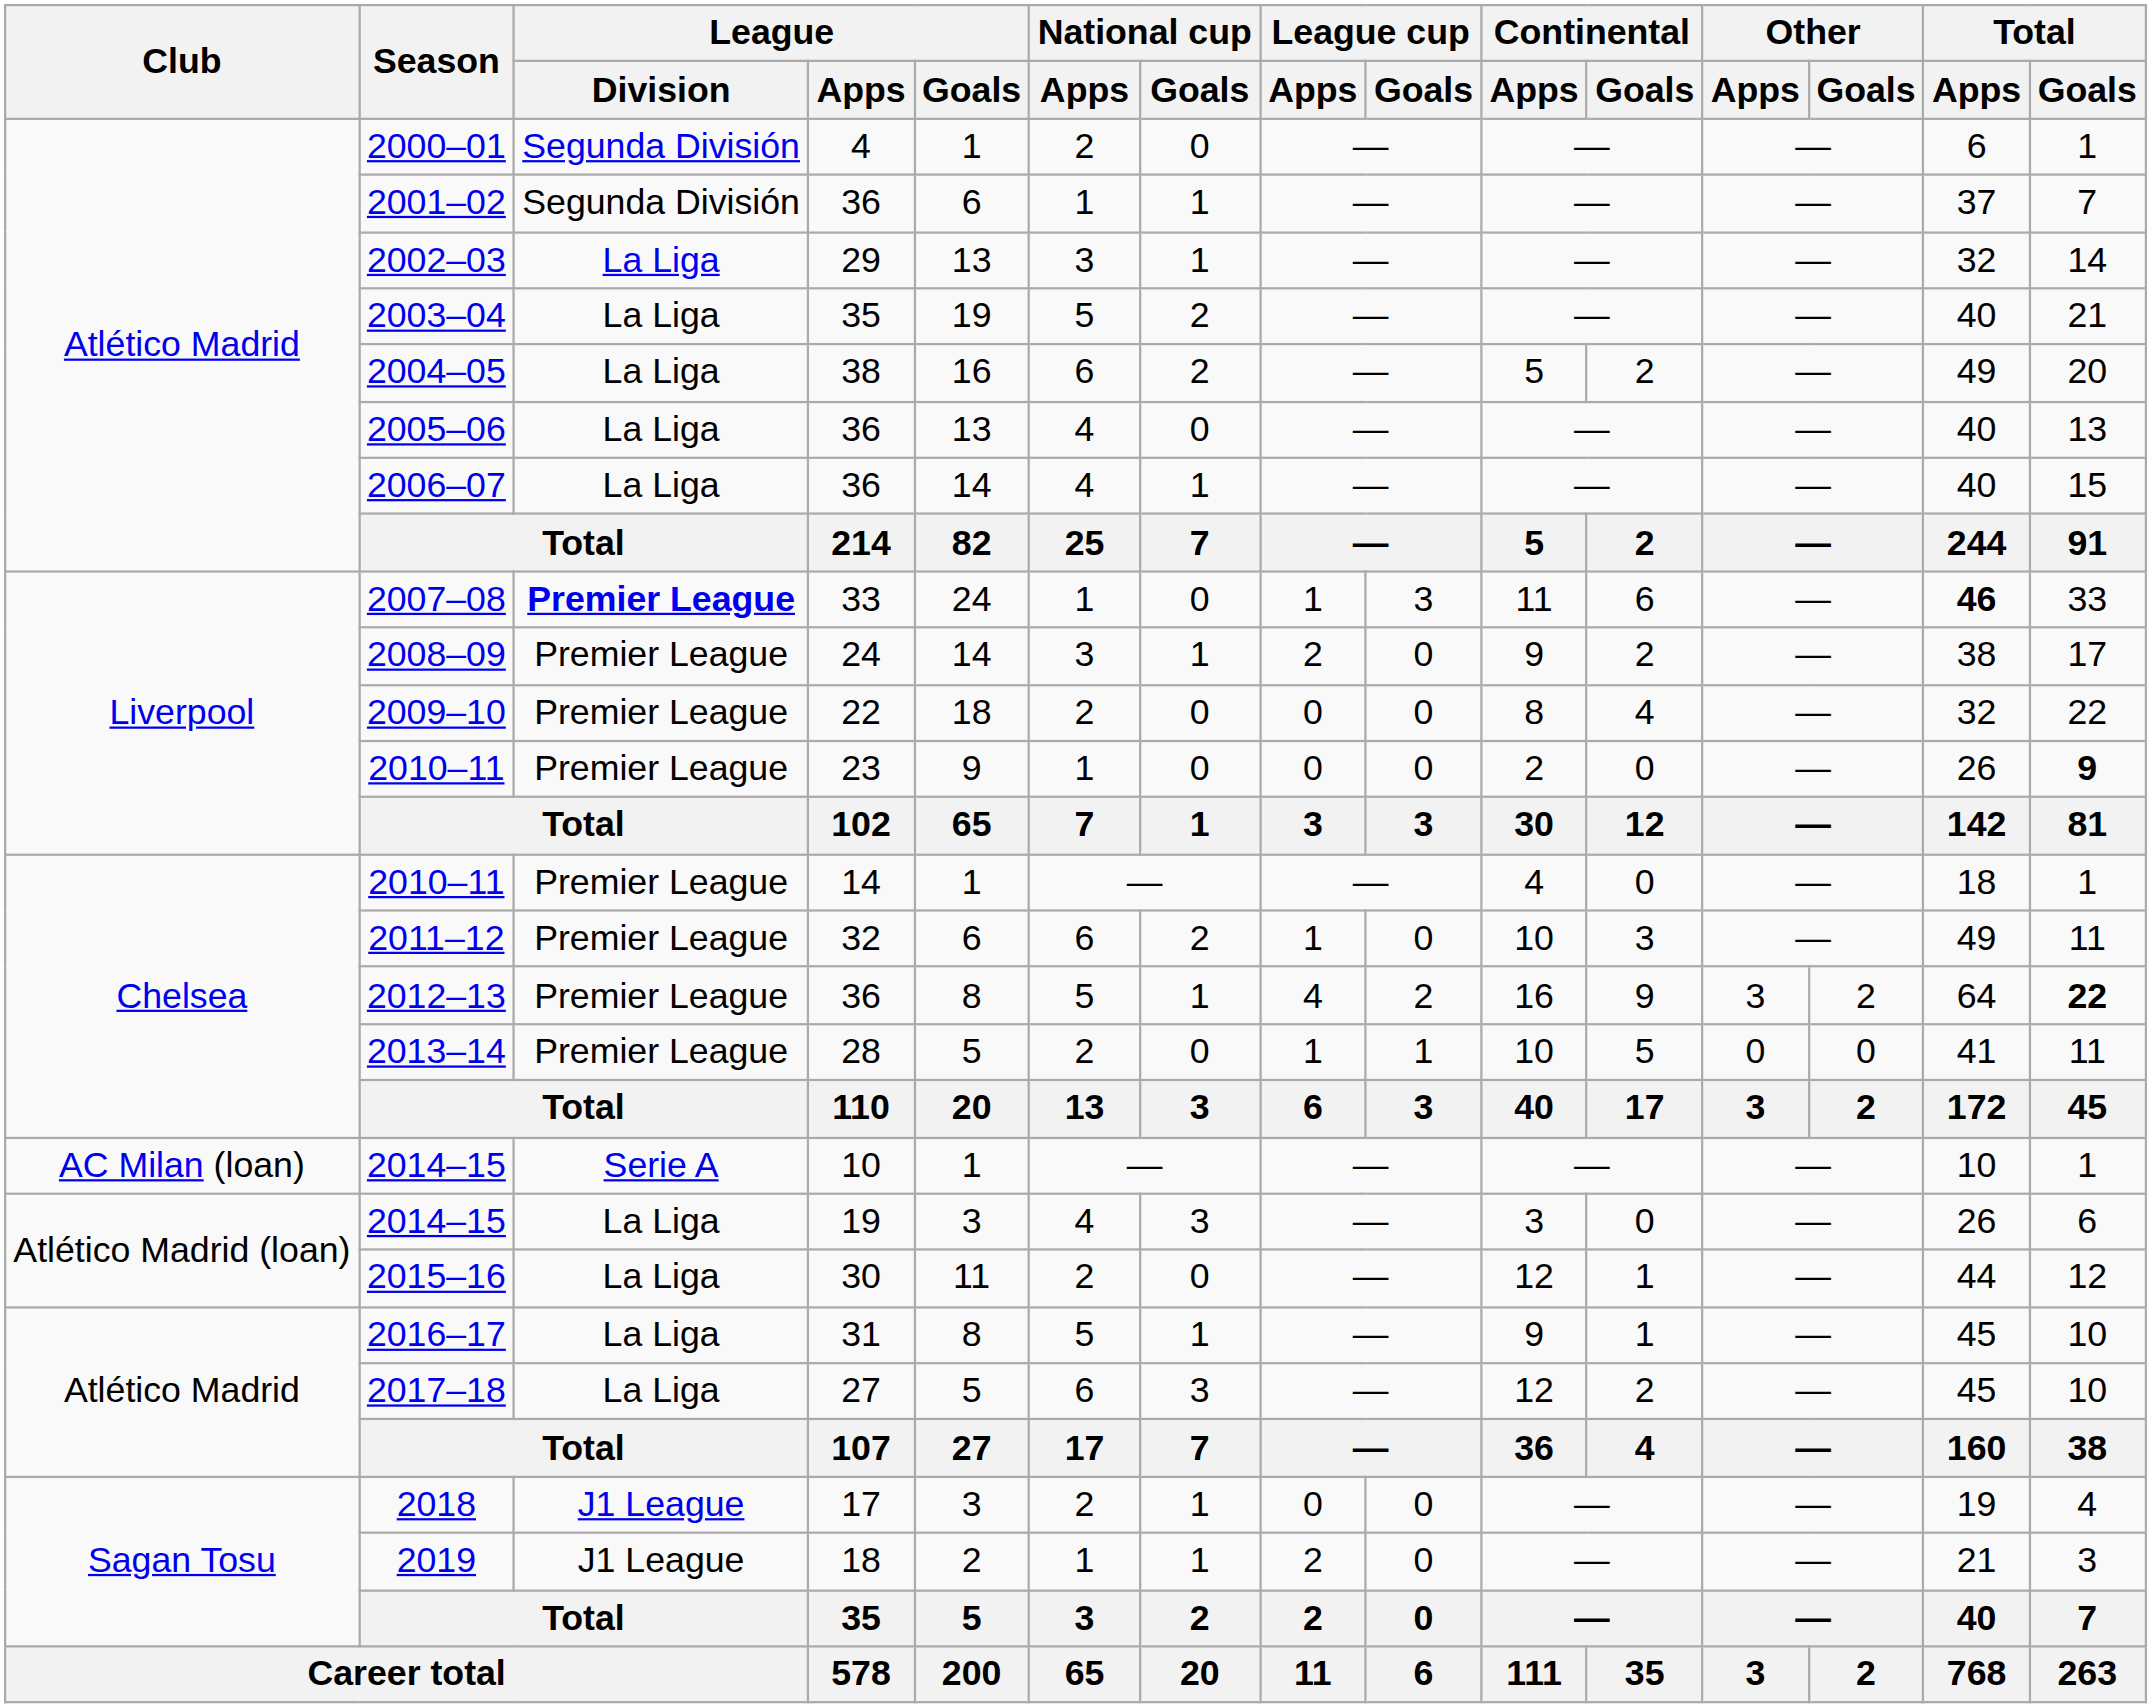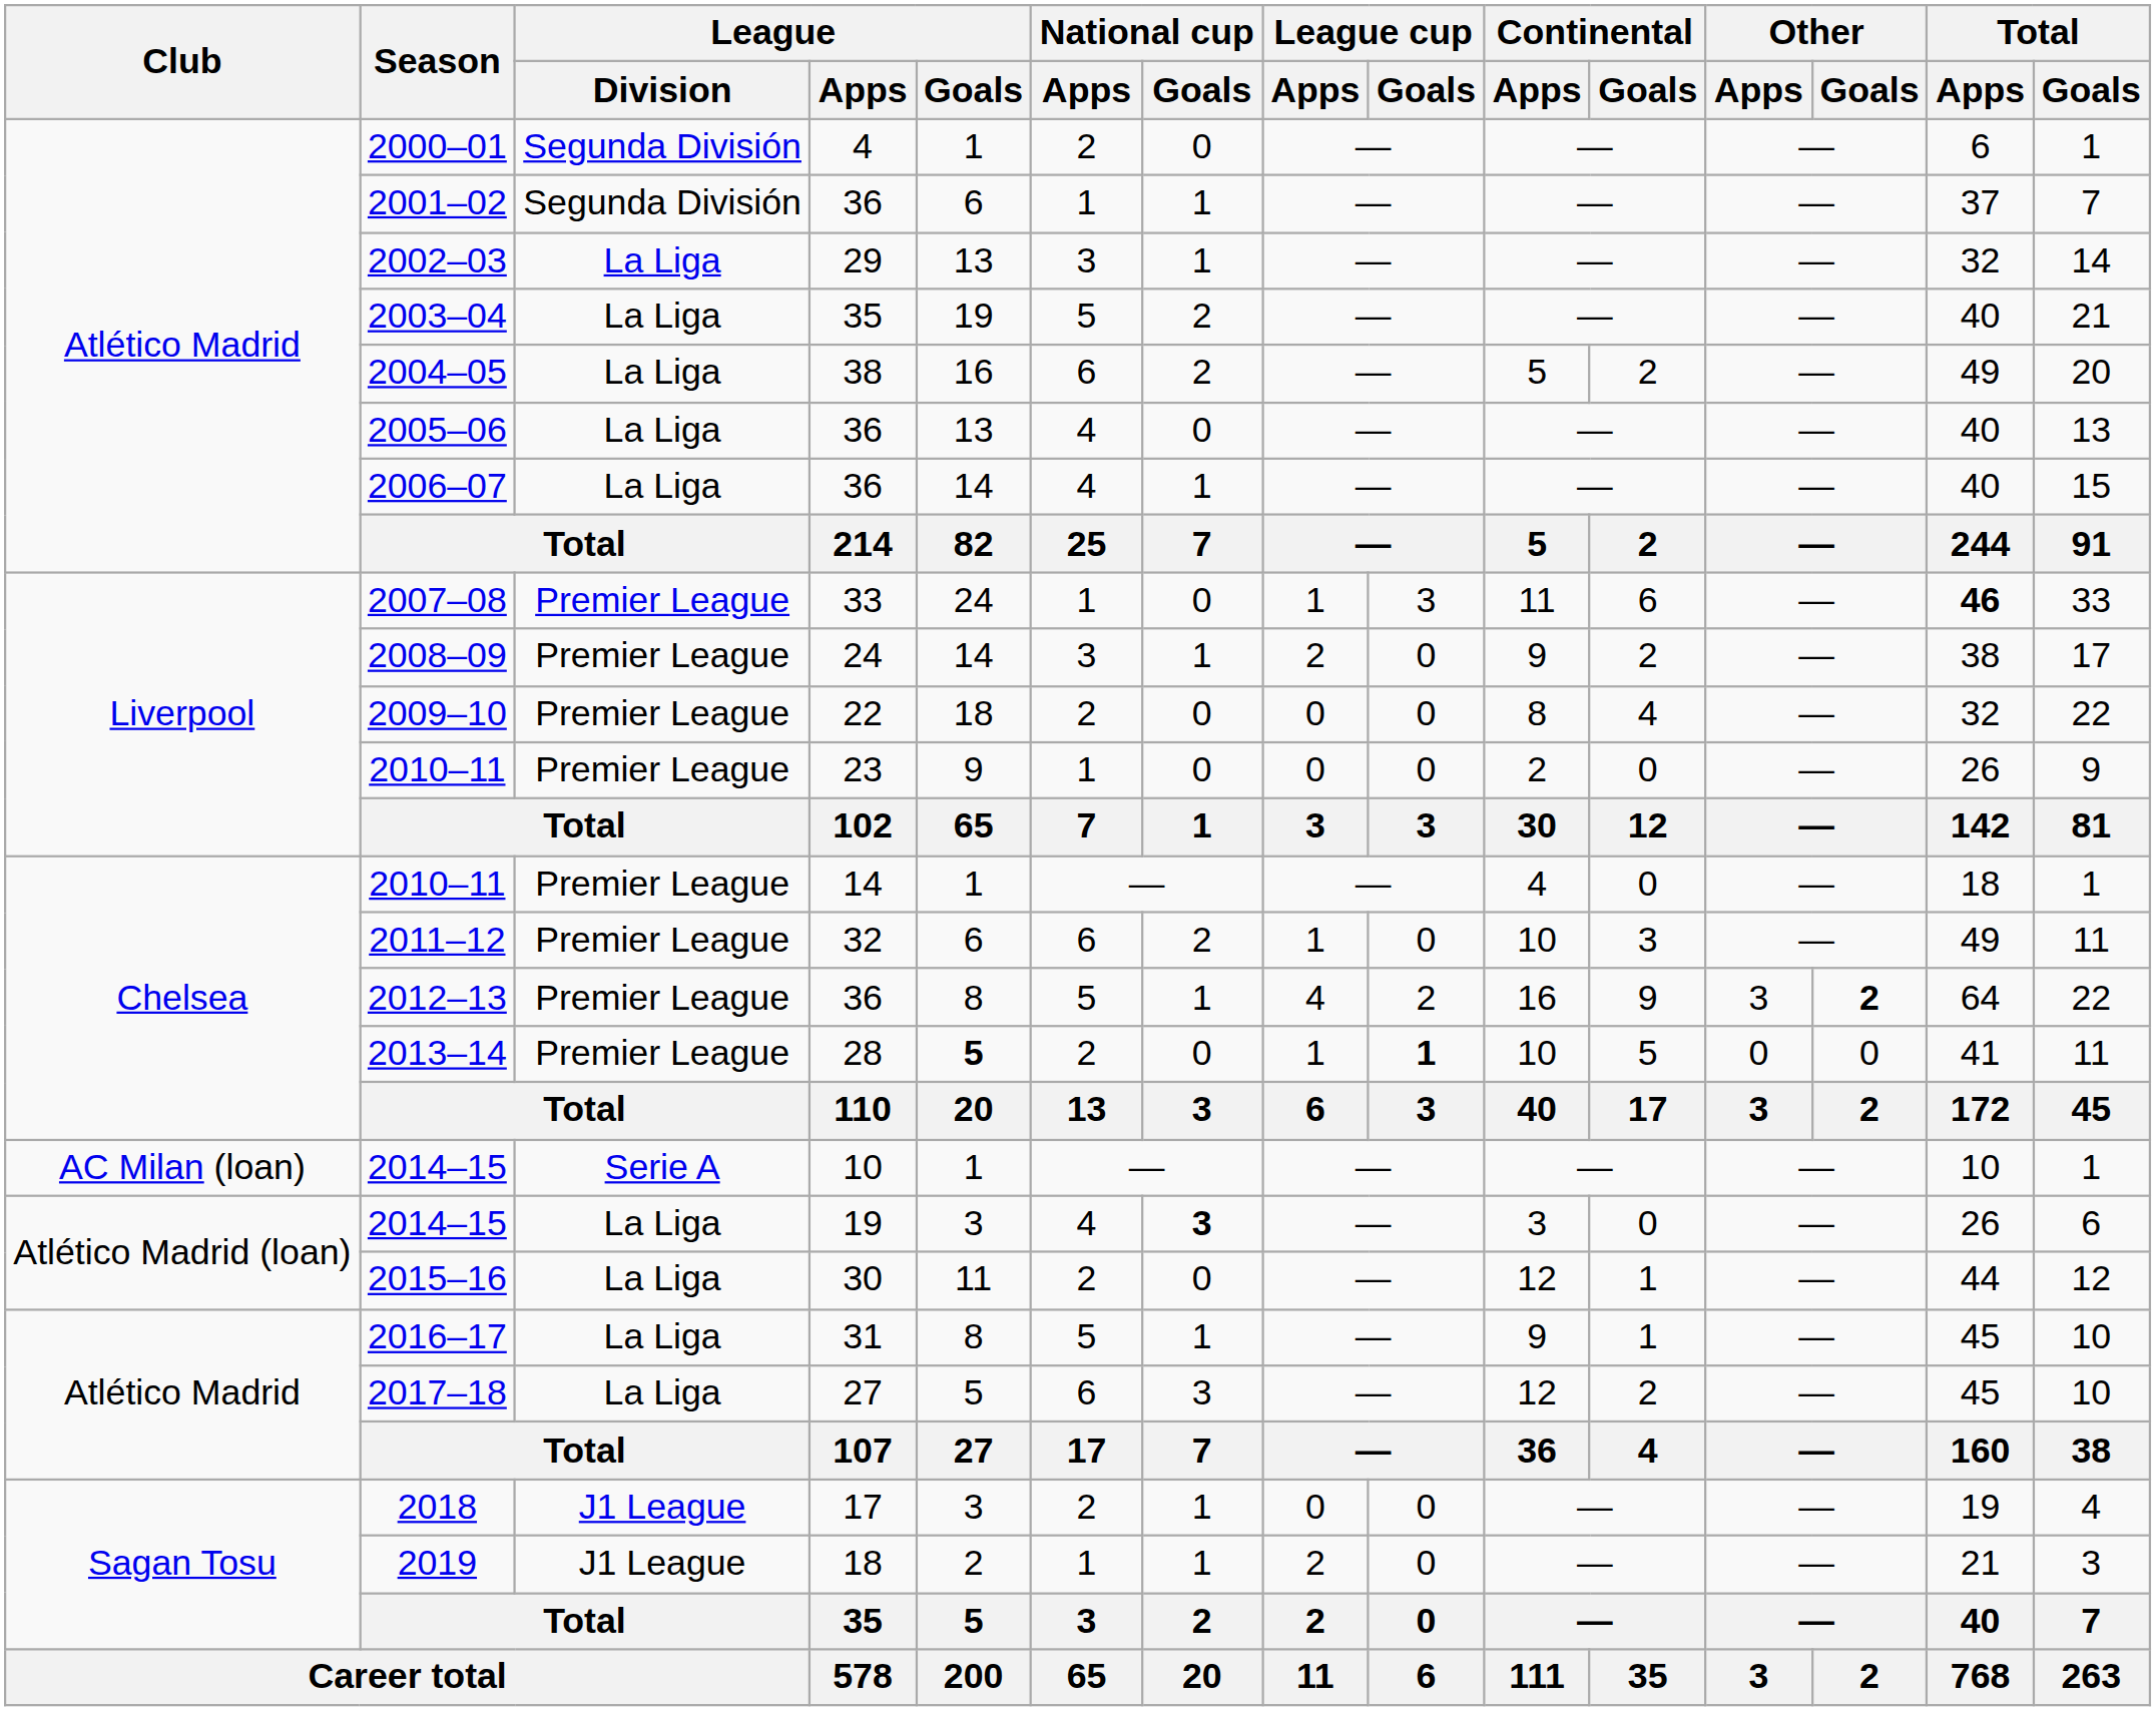 <table class=wikitable style=text-align:center>
 <tr>
 <th rowspan=2>Club</th>
 <th rowspan=2>Season</th>
 <th colspan=3>League</th>
 <th colspan=2>National cup</th>
 <th colspan=2>League cup</th>
 <th colspan=2>Continental</th>
 <th colspan=2>Other</th>
 <th colspan=2>Total</th>
 </tr>
 <tr>
 <th>Division</th>
 <th>Apps</th>
 <th>Goals</th>
 <th>Apps</th>
 <th>Goals</th>
 <th>Apps</th>
 <th>Goals</th>
 <th>Apps</th>
 <th>Goals</th>
 <th>Apps</th>
 <th>Goals</th>
 <th>Apps</th>
 <th>Goals</th>
 </tr>
 <tr>
 <td rowspan=8><a href='#'>Atlético Madrid</a></td>
 <td><a href='#'>2000–01</a></td>
 <td><a href='#'>Segunda División</a></td>
 <td>4</td>
 <td>1</td>
 <td>2</td>
 <td>0</td>
 <td colspan=2>—</td>
 <td colspan=2>—</td>
 <td colspan=2>—</td>
 <td>6</td>
 <td>1</td>
 </tr>
 <tr>
 <td><a href='#'>2001–02</a></td>
 <td>Segunda División</td>
 <td>36</td>
 <td>6</td>
 <td>1</td>
 <td>1</td>
 <td colspan=2>—</td>
 <td colspan=2>—</td>
 <td colspan=2>—</td>
 <td>37</td>
 <td>7</td>
 </tr>
 <tr>
 <td><a href='#'>2002–03</a></td>
 <td><a href='#'>La Liga</a></td>
 <td>29</td>
 <td>13</td>
 <td>3</td>
 <td>1</td>
 <td colspan=2>—</td>
 <td colspan=2>—</td>
 <td colspan=2>—</td>
 <td>32</td>
 <td>14</td>
 </tr>
 <tr>
 <td><a href='#'>2003–04</a></td>
 <td>La Liga</td>
 <td>35</td>
 <td>19</td>
 <td>5</td>
 <td>2</td>
 <td colspan=2>—</td>
 <td colspan=2>—</td>
 <td colspan=2>—</td>
 <td>40</td>
 <td>21</td>
 </tr>
 <tr>
 <td><a href='#'>2004–05</a></td>
 <td>La Liga</td>
 <td>38</td>
 <td>16</td>
 <td>6</td>
 <td>2</td>
 <td colspan=2>—</td>
 <td>5</td>
 <td>2</td>
 <td colspan=2>—</td>
 <td>49</td>
 <td>20</td>
 </tr>
 <tr>
 <td><a href='#'>2005–06</a></td>
 <td>La Liga</td>
 <td>36</td>
 <td>13</td>
 <td>4</td>
 <td>0</td>
 <td colspan=2>—</td>
 <td colspan=2>—</td>
 <td colspan=2>—</td>
 <td>40</td>
 <td>13</td>
 </tr>
 <tr>
 <td><a href='#'>2006–07</a></td>
 <td>La Liga</td>
 <td>36</td>
 <td>14</td>
 <td>4</td>
 <td>1</td>
 <td colspan=2>—</td>
 <td colspan=2>—</td>
 <td colspan=2>—</td>
 <td>40</td>
 <td>15</td>
 </tr>
 <tr>
 <th colspan=2>Total</th>
 <th>214</th>
 <th>82</th>
 <th>25</th>
 <th>7</th>
 <th colspan=2>—</th>
 <th>5</th>
 <th>2</th>
 <th colspan=2>—</th>
 <th>244</th>
 <th>91</th>
 </tr>
 <tr>
 <td rowspan=5><a href='#'>Liverpool</a></td>
 <td><a href='#'>2007–08</a></td>
-<td><strong><a href='#'>Premier League</a></strong></td>
+<td><a href='#'>Premier League</a></td>
 <td>33</td>
 <td>24</td>
 <td>1</td>
 <td>0</td>
 <td>1</td>
 <td>3</td>
 <td>11</td>
 <td>6</td>
 <td colspan=2>—</td>
 <td><strong>46</strong></td>
 <td>33</td>
 </tr>
 <tr>
 <td><a href='#'>2008–09</a></td>
 <td>Premier League</td>
 <td>24</td>
 <td>14</td>
 <td>3</td>
 <td>1</td>
 <td>2</td>
 <td>0</td>
 <td>9</td>
 <td>2</td>
 <td colspan=2>—</td>
 <td>38</td>
 <td>17</td>
 </tr>
 <tr>
 <td><a href='#'>2009–10</a></td>
 <td>Premier League</td>
 <td>22</td>
 <td>18</td>
 <td>2</td>
 <td>0</td>
 <td>0</td>
 <td>0</td>
 <td>8</td>
 <td>4</td>
 <td colspan=2>—</td>
 <td>32</td>
 <td>22</td>
 </tr>
 <tr>
 <td><a href='#'>2010–11</a></td>
 <td>Premier League</td>
 <td>23</td>
 <td>9</td>
 <td>1</td>
 <td>0</td>
 <td>0</td>
 <td>0</td>
 <td>2</td>
 <td>0</td>
 <td colspan=2>—</td>
 <td>26</td>
-<td><strong>9</strong></td>
+<td>9</td>
 </tr>
 <tr>
 <th colspan=2>Total</th>
 <th>102</th>
 <th>65</th>
 <th>7</th>
 <th>1</th>
 <th>3</th>
 <th>3</th>
 <th>30</th>
 <th>12</th>
 <th colspan=2>—</th>
 <th>142</th>
 <th>81</th>
 </tr>
 <tr>
 <td rowspan=5><a href='#'>Chelsea</a></td>
 <td><a href='#'>2010–11</a></td>
 <td>Premier League</td>
 <td>14</td>
 <td>1</td>
 <td colspan=2>—</td>
 <td colspan=2>—</td>
 <td>4</td>
 <td>0</td>
 <td colspan=2>—</td>
 <td>18</td>
 <td>1</td>
 </tr>
 <tr>
 <td><a href='#'>2011–12</a></td>
 <td>Premier League</td>
 <td>32</td>
 <td>6</td>
 <td>6</td>
 <td>2</td>
 <td>1</td>
 <td>0</td>
 <td>10</td>
 <td>3</td>
 <td colspan=2>—</td>
 <td>49</td>
 <td>11</td>
 </tr>
 <tr>
 <td><a href='#'>2012–13</a></td>
 <td>Premier League</td>
 <td>36</td>
 <td>8</td>
 <td>5</td>
 <td>1</td>
 <td>4</td>
 <td>2</td>
 <td>16</td>
 <td>9</td>
 <td>3</td>
-<td>2</td>
+<td><strong>2</strong></td>
 <td>64</td>
-<td><strong>22</strong></td>
+<td>22</td>
 </tr>
 <tr>
 <td><a href='#'>2013–14</a></td>
 <td>Premier League</td>
 <td>28</td>
-<td>5</td>
+<td><strong>5</strong></td>
 <td>2</td>
 <td>0</td>
 <td>1</td>
-<td>1</td>
+<td><strong>1</strong></td>
 <td>10</td>
 <td>5</td>
 <td>0</td>
 <td>0</td>
 <td>41</td>
 <td>11</td>
 </tr>
 <tr>
 <th colspan=2>Total</th>
 <th>110</th>
 <th>20</th>
 <th>13</th>
 <th>3</th>
 <th>6</th>
 <th>3</th>
 <th>40</th>
 <th>17</th>
 <th>3</th>
 <th>2</th>
 <th>172</th>
 <th>45</th>
 </tr>
 <tr>
 <td><a href='#'>AC Milan</a> (loan)</td>
 <td><a href='#'>2014–15</a></td>
 <td><a href='#'>Serie A</a></td>
 <td>10</td>
 <td>1</td>
 <td colspan=2>—</td>
 <td colspan=2>—</td>
 <td colspan=2>—</td>
 <td colspan=2>—</td>
 <td>10</td>
 <td>1</td>
 </tr>
 <tr>
 <td rowspan=2>Atlético Madrid (loan)</td>
 <td><a href='#'>2014–15</a></td>
 <td>La Liga</td>
 <td>19</td>
 <td>3</td>
 <td>4</td>
-<td>3</td>
+<td><strong>3</strong></td>
 <td colspan=2>—</td>
 <td>3</td>
 <td>0</td>
 <td colspan=2>—</td>
 <td>26</td>
 <td>6</td>
 </tr>
 <tr>
 <td><a href='#'>2015–16</a></td>
 <td>La Liga</td>
 <td>30</td>
 <td>11</td>
 <td>2</td>
 <td>0</td>
 <td colspan=2>—</td>
 <td>12</td>
 <td>1</td>
 <td colspan=2>—</td>
 <td>44</td>
 <td>12</td>
 </tr>
 <tr>
 <td rowspan=3>Atlético Madrid</td>
 <td><a href='#'>2016–17</a></td>
 <td>La Liga</td>
 <td>31</td>
 <td>8</td>
 <td>5</td>
 <td>1</td>
 <td colspan=2>—</td>
 <td>9</td>
 <td>1</td>
 <td colspan=2>—</td>
 <td>45</td>
 <td>10</td>
 </tr>
 <tr>
 <td><a href='#'>2017–18</a></td>
 <td>La Liga</td>
 <td>27</td>
 <td>5</td>
 <td>6</td>
 <td>3</td>
 <td colspan=2>—</td>
 <td>12</td>
 <td>2</td>
 <td colspan=2>—</td>
 <td>45</td>
 <td>10</td>
 </tr>
 <tr>
 <th colspan=2>Total</th>
 <th>107</th>
 <th>27</th>
 <th>17</th>
 <th>7</th>
 <th colspan=2>—</th>
 <th>36</th>
 <th>4</th>
 <th colspan=2>—</th>
 <th>160</th>
 <th>38</th>
 </tr>
 <tr>
 <td rowspan=3><a href='#'>Sagan Tosu</a></td>
 <td><a href='#'>2018</a></td>
 <td><a href='#'>J1 League</a></td>
 <td>17</td>
 <td>3</td>
 <td>2</td>
 <td>1</td>
 <td>0</td>
 <td>0</td>
 <td colspan=2>—</td>
 <td colspan=2>—</td>
 <td>19</td>
 <td>4</td>
 </tr>
 <tr>
 <td><a href='#'>2019</a></td>
 <td>J1 League</td>
 <td>18</td>
 <td>2</td>
 <td>1</td>
 <td>1</td>
 <td>2</td>
 <td>0</td>
 <td colspan=2>—</td>
 <td colspan=2>—</td>
 <td>21</td>
 <td>3</td>
 </tr>
 <tr>
 <th colspan=2>Total</th>
 <th>35</th>
 <th>5</th>
 <th>3</th>
 <th>2</th>
 <th>2</th>
 <th>0</th>
 <th colspan=2>—</th>
 <th colspan=2>—</th>
 <th>40</th>
 <th>7</th>
 </tr>
 <tr>
 <th colspan=3>Career total</th>
 <th>578</th>
 <th>200</th>
 <th>65</th>
 <th>20</th>
 <th>11</th>
 <th>6</th>
 <th>111</th>
 <th>35</th>
 <th>3</th>
 <th>2</th>
 <th>768</th>
 <th>263</th>
 </tr>
 </table>
